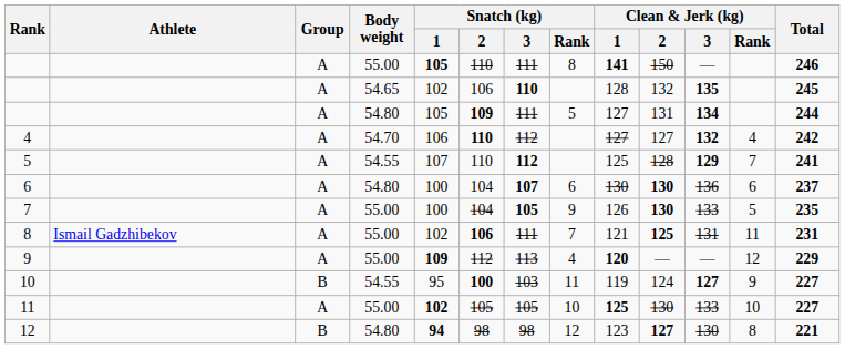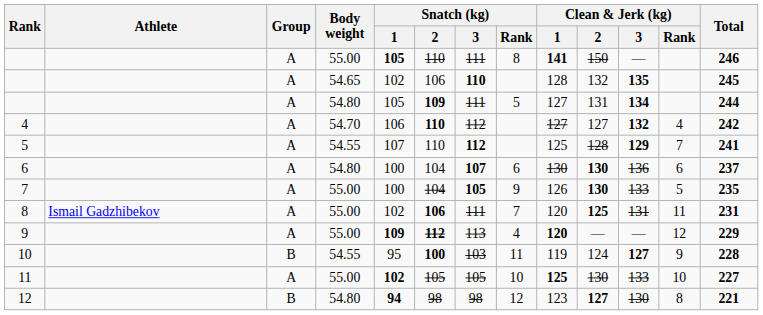 <table class = "wikitable" style="text-align:center;">
 <tr>
 <th rowspan=2 width=40>Rank</th>
 <th rowspan=2 width=250>Athlete</th>
 <th rowspan=2 width=50>Group</th>
 <th rowspan=2 width=60>Body weight</th>
 <th colspan=4>Snatch (kg)</th>
 <th colspan=4>Clean & Jerk (kg)</th>
 <th rowspan=2 width=60>Total</th>
 </tr>
 <tr>
 <th width=40>1</th>
 <th width=40>2</th>
 <th width=40>3</th>
 <th width=40>Rank</th>
 <th width=40>1</th>
 <th width=40>2</th>
 <th width=40>3</th>
 <th width=40>Rank</th>
 </tr>
 <tr>
 <td></td>
 <td align=left></td>
 <td>A</td>
 <td>55.00</td>
 <td><strong>105</strong></td>
 <td><s>110</s></td>
 <td><s>111</s></td>
 <td>8</td>
 <td><strong>141</strong></td>
 <td><s>150</s></td>
 <td>—</td>
 <td></td>
 <td><strong>246</strong></td>
 </tr>
 <tr>
 <td></td>
 <td align=left></td>
 <td>A</td>
 <td>54.65</td>
 <td>102</td>
 <td>106</td>
 <td><strong>110</strong></td>
 <td></td>
 <td>128</td>
 <td>132</td>
 <td><strong>135</strong></td>
 <td></td>
 <td><strong>245</strong></td>
 </tr>
 <tr>
 <td></td>
 <td align=left></td>
 <td>A</td>
 <td>54.80</td>
 <td>105</td>
 <td><strong>109</strong></td>
 <td><s>111</s></td>
 <td>5</td>
 <td>127</td>
 <td>131</td>
 <td><strong>134</strong></td>
 <td></td>
 <td><strong>244</strong></td>
 </tr>
 <tr>
 <td>4</td>
 <td align=left></td>
 <td>A</td>
 <td>54.70</td>
 <td>106</td>
 <td><strong>110</strong></td>
 <td><s>112</s></td>
 <td></td>
 <td><s>127</s></td>
 <td>127</td>
 <td><strong>132</strong></td>
 <td>4</td>
 <td><strong>242</strong></td>
 </tr>
 <tr>
 <td>5</td>
 <td align=left></td>
 <td>A</td>
 <td>54.55</td>
 <td>107</td>
 <td>110</td>
 <td><strong>112</strong></td>
 <td></td>
 <td>125</td>
 <td><s>128</s></td>
 <td><strong>129</strong></td>
 <td>7</td>
 <td><strong>241</strong></td>
 </tr>
 <tr>
 <td>6</td>
 <td align=left></td>
 <td>A</td>
 <td>54.80</td>
 <td>100</td>
 <td>104</td>
 <td><strong>107</strong></td>
 <td>6</td>
 <td><s>130</s></td>
 <td><strong>130</strong></td>
 <td><s>136</s></td>
 <td>6</td>
 <td><strong>237</strong></td>
 </tr>
 <tr>
 <td>7</td>
 <td align=left></td>
 <td>A</td>
 <td>55.00</td>
 <td>100</td>
 <td><s>104</s></td>
 <td><strong>105</strong></td>
 <td>9</td>
 <td>126</td>
 <td><strong>130</strong></td>
 <td><s>133</s></td>
 <td>5</td>
 <td><strong>235</strong></td>
 </tr>
 <tr>
 <td>8</td>
 <td align=left> <a href='#'>Ismail Gadzhibekov</a> </td>
 <td>A</td>
 <td>55.00</td>
 <td>102</td>
 <td><strong>106</strong></td>
 <td><s>111</s></td>
 <td>7</td>
-<td>121</td>
+<td>120</td>
 <td><strong>125</strong></td>
 <td><s>131</s></td>
 <td>11</td>
 <td><strong>231</strong></td>
 </tr>
 <tr>
 <td>9</td>
 <td align=left></td>
 <td>A</td>
 <td>55.00</td>
 <td><strong>109</strong></td>
-<td><s>112</s></td>
+<td><strong><s>112</s></strong></td>
 <td><s>113</s></td>
 <td>4</td>
 <td><strong>120</strong></td>
 <td>—</td>
 <td>—</td>
 <td>12</td>
 <td><strong>229</strong></td>
 </tr>
 <tr>
 <td>10</td>
 <td align=left></td>
 <td>B</td>
 <td>54.55</td>
 <td>95</td>
 <td><strong>100</strong></td>
 <td><s>103</s></td>
 <td>11</td>
 <td>119</td>
 <td>124</td>
 <td><strong>127</strong></td>
 <td>9</td>
-<td><strong>227</strong></td>
+<td><strong>228</strong></td>
 </tr>
 <tr>
 <td>11</td>
 <td align=left></td>
 <td>A</td>
 <td>55.00</td>
 <td><strong>102</strong></td>
 <td><s>105</s></td>
 <td><s>105</s></td>
 <td>10</td>
 <td><strong>125</strong></td>
 <td><s>130</s></td>
 <td><s>133</s></td>
 <td>10</td>
 <td><strong>227</strong></td>
 </tr>
 <tr>
 <td>12</td>
 <td align=left></td>
 <td>B</td>
 <td>54.80</td>
 <td><strong>94</strong></td>
 <td><s>98</s></td>
 <td><s>98</s></td>
 <td>12</td>
 <td>123</td>
 <td><strong>127</strong></td>
 <td><s>130</s></td>
 <td>8</td>
 <td><strong>221</strong></td>
 </tr>
 </table>
